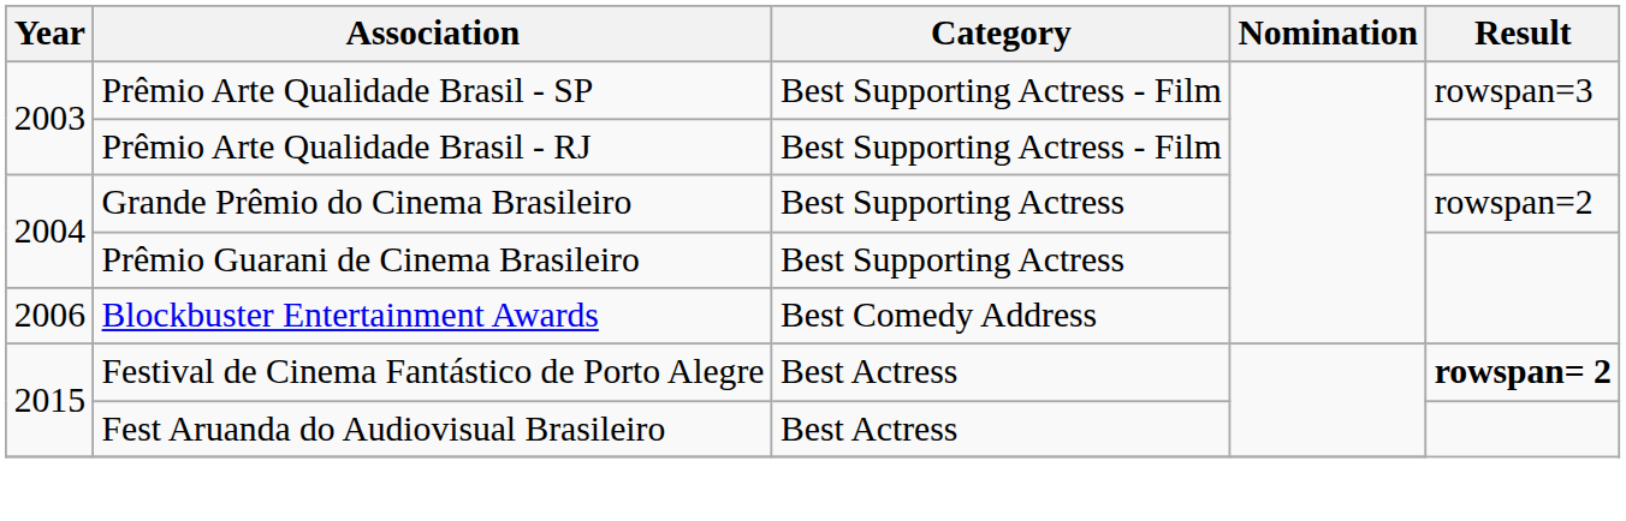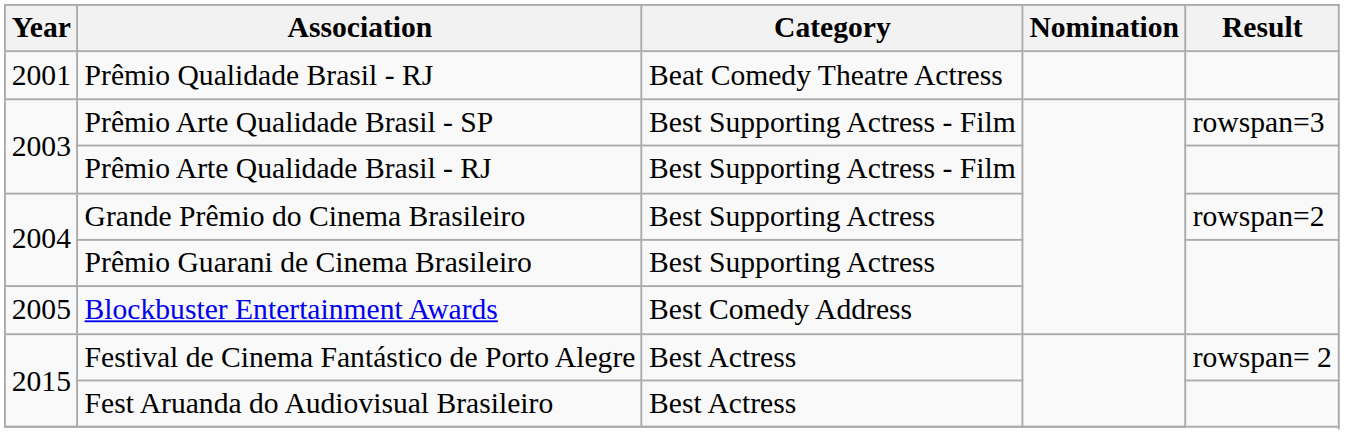 <table class="wikitable">
 <tr>
 <th>Year</th>
 <th>Association</th>
 <th>Category</th>
 <th>Nomination</th>
 <th>Result</th>
+</tr>
+<tr>
+<td>2001</td>
+<td>Prêmio Qualidade Brasil - RJ</td>
+<td>Beat Comedy Theatre Actress</td>
+<td></td>
+<td></td>
 </tr>
 <tr>
 <td rowspan="2">2003</td>
 <td>Prêmio Arte Qualidade Brasil - SP</td>
 <td>Best Supporting Actress - Film</td>
 <td rowspan="5"></td>
 <td>rowspan=3 </td>
 </tr>
 <tr>
 <td>Prêmio Arte Qualidade Brasil - RJ</td>
 <td>Best Supporting Actress - Film</td>
 </tr>
 <tr>
 <td rowspan="2">2004</td>
 <td>Grande Prêmio do Cinema Brasileiro</td>
 <td>Best Supporting Actress</td>
 <td>rowspan=2 </td>
 </tr>
 <tr>
 <td>Prêmio Guarani de Cinema Brasileiro</td>
 <td>Best Supporting Actress</td>
 </tr>
 <tr>
-<td>2006</td>
+<td>2005</td>
 <td><a href='#'>Blockbuster Entertainment Awards</a></td>
 <td>Best Comedy Address</td>
 </tr>
 <tr>
 <td rowspan="2">2015</td>
 <td>Festival de Cinema Fantástico de Porto Alegre</td>
 <td>Best Actress</td>
 <td rowspan="2"></td>
-<td><strong>rowspan= 2 </strong></td>
+<td>rowspan= 2 </td>
 </tr>
 <tr>
 <td>Fest Aruanda do Audiovisual Brasileiro</td>
 <td>Best Actress</td>
 </tr>
 <tr>
 </tr>
 </table>
